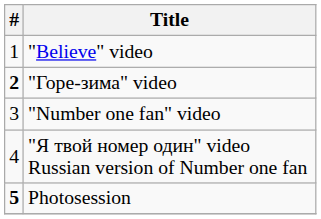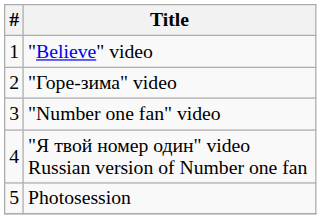 <table class="wikitable">
 <tr>
 <th align="center">#</th>
 <th align="center" width="230">Title</th>
 </tr>
 <tr>
 <td>1</td>
 <td>"<a href='#'>Believe</a>" video</td>
 </tr>
 <tr>
-<td><strong>2</strong></td>
+<td>2</td>
 <td>"Горе-зима" video</td>
 </tr>
 <tr>
 <td>3</td>
 <td>"Number one fan" video</td>
 </tr>
 <tr>
 <td>4</td>
 <td>"Я твой номер один" video<br>Russian version of Number one fan</td>
 </tr>
 <tr>
-<td><strong>5</strong></td>
+<td>5</td>
 <td>Photosession</td>
 </tr>
 <tr>
 </tr>
 </table>
